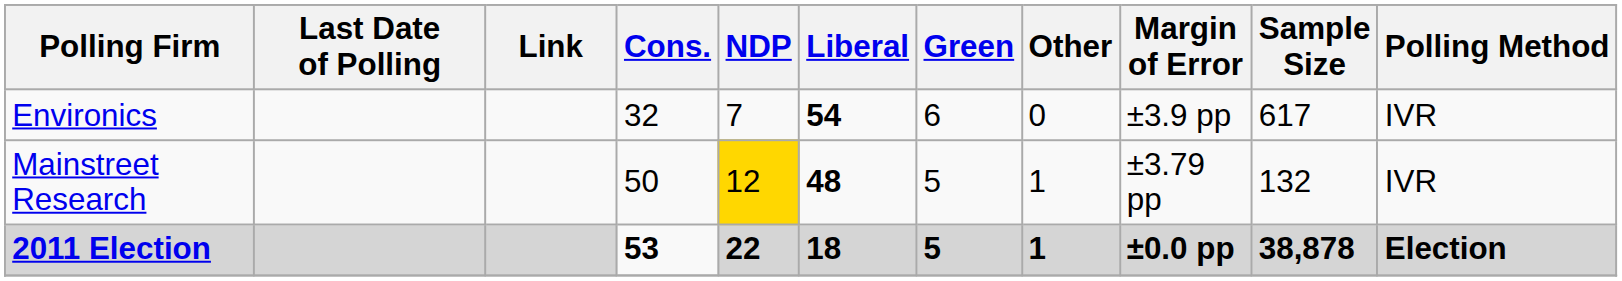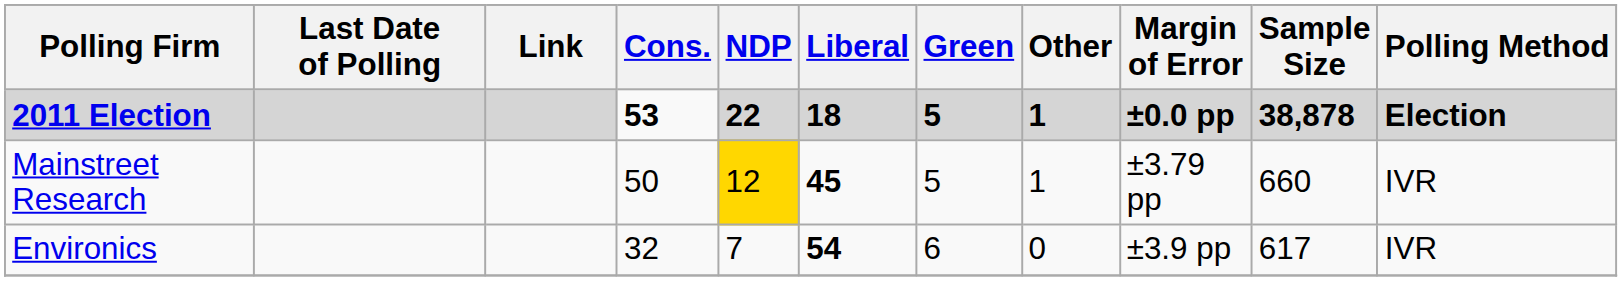 <table class="wikitable sortable">
 <tr style="background:#e9e9e9;">
 <th style="width:120px">Polling Firm</th>
 <th style="width:110px">Last Date<br>of Polling</th>
 <th style="width:60px" class="unsortable">Link</th>
 <th style="background-color:"><strong><a href='#'>Cons.</a></strong></th>
 <th style="background-color:"><strong><a href='#'>NDP</a></strong></th>
 <th style="background-color:"><strong><a href='#'>Liberal</a></strong></th>
 <th style="background-color:"><strong><a href='#'>Green</a></strong></th>
 <th style="background-color:"><strong>Other</strong></th>
 <th style="width:60px;" class=unsortable>Margin<br>of Error</th>
 <th style="width:50px;" class=unsortable>Sample<br>Size</th>
 <th class=unsortable>Polling Method</th>
 </tr>
 <tr>
+<td style="background:#D5D5D5"><strong><a href='#'>2011 Election</a></strong></td>
+<td style="background:#D5D5D5"><strong></strong></td>
+<td style="background:#D5D5D5"></td>
+<td><strong>53</strong></td>
+<td style="background:#D5D5D5"><strong>22</strong></td>
+<td style="background:#D5D5D5"><strong>18</strong></td>
+<td style="background:#D5D5D5"><strong>5</strong></td>
+<td style="background:#D5D5D5"><strong>1</strong></td>
+<td style="background:#D5D5D5"><strong>±0.0 pp</strong></td>
+<td style="background:#D5D5D5"><strong>38,878</strong></td>
+<td style="background:#D5D5D5"><strong>Election</strong></td>
+</tr>
+<tr>
+<td><a href='#'>Mainstreet Research</a></td>
+<td></td>
+<td></td>
+<td>50</td>
+<td style="background: gold;">12</td>
+<td><strong>45</strong></td>
+<td>5</td>
+<td>1</td>
+<td>±3.79 pp</td>
+<td>660</td>
+<td>IVR</td>
+</tr>
+<tr>
 <td><a href='#'>Environics</a></td>
 <td></td>
 <td></td>
 <td>32</td>
 <td>7</td>
 <td><strong>54</strong></td>
 <td>6</td>
 <td>0</td>
 <td>±3.9 pp</td>
 <td>617</td>
 <td>IVR</td>
 </tr>
 <tr>
-<td><a href='#'>Mainstreet Research</a></td>
-<td></td>
-<td></td>
-<td>50</td>
-<td style="background: gold;">12</td>
-<td><strong>48</strong></td>
-<td>5</td>
-<td>1</td>
-<td>±3.79 pp</td>
-<td>132</td>
-<td>IVR</td>
-</tr>
-<tr>
-<td style="background:#D5D5D5"><strong><a href='#'>2011 Election</a></strong></td>
-<td style="background:#D5D5D5"><strong></strong></td>
-<td style="background:#D5D5D5"></td>
-<td><strong>53</strong></td>
-<td style="background:#D5D5D5"><strong>22</strong></td>
-<td style="background:#D5D5D5"><strong>18</strong></td>
-<td style="background:#D5D5D5"><strong>5</strong></td>
-<td style="background:#D5D5D5"><strong>1</strong></td>
-<td style="background:#D5D5D5"><strong>±0.0 pp</strong></td>
-<td style="background:#D5D5D5"><strong>38,878</strong></td>
-<td style="background:#D5D5D5"><strong>Election</strong></td>
-</tr>
-<tr>
 </tr>
 <tr>
 </tr>
 </table>
